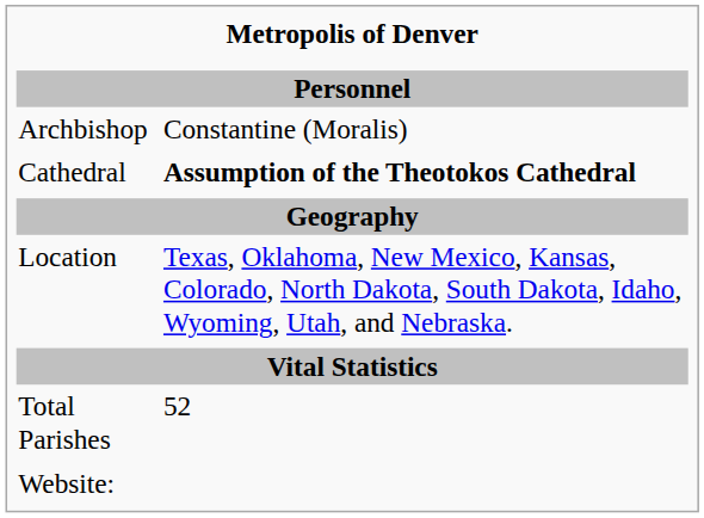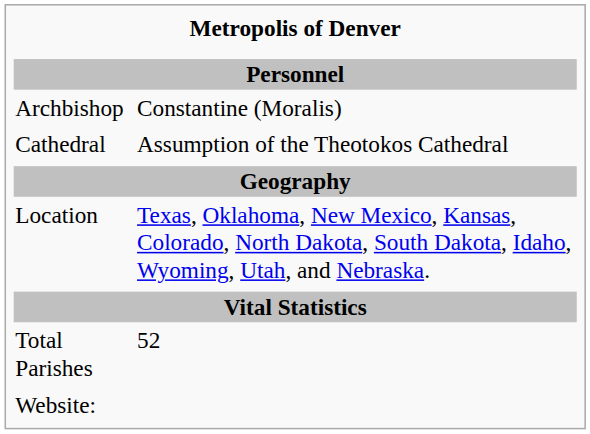 <table class ="infobox" style="width: 25em; text-align: left; font-size: 95%;">
 <tr align=center>
 <th colspan=2><strong>Metropolis of Denver</strong></th>
 </tr>
 <tr align=center>
 <th colspan=2></th>
 </tr>
 <tr>
 <th colspan=2></th>
 </tr>
 <tr ---- align=center bgcolor="c0c0c0">
 <th colspan=2><strong>Personnel</strong></th>
 </tr>
 <tr ---->
 <td>Archbishop</td>
 <td>Constantine (Moralis)</td>
 </tr>
 <tr>
 </tr>
 <tr>
 <td>Cathedral</td>
-<td><strong>Assumption of the Theotokos Cathedral</strong></td>
+<td>Assumption of the Theotokos Cathedral</td>
 </tr>
 <tr>
 </tr>
 <tr ---- align=center bgcolor="c0c0c0">
 <th colspan=2><strong>Geography</strong></th>
 </tr>
 <tr>
 <td>Location</td>
 <td><a href='#'>Texas</a>, <a href='#'>Oklahoma</a>, <a href='#'>New Mexico</a>, <a href='#'>Kansas</a>, <a href='#'>Colorado</a>, <a href='#'>North Dakota</a>, <a href='#'>South Dakota</a>, <a href='#'>Idaho</a>, <a href='#'>Wyoming</a>, <a href='#'>Utah</a>, and <a href='#'>Nebraska</a>.</td>
 </tr>
 <tr>
 </tr>
 <tr ---- align=center bgcolor="c0c0c0">
 <th colspan=2><strong>Vital Statistics</strong></th>
 </tr>
 <tr>
 <td>Total Parishes</td>
 <td>52</td>
 </tr>
 <tr>
 </tr>
 <tr>
 <td>Website:</td>
 <td></td>
 </tr>
 </table>
